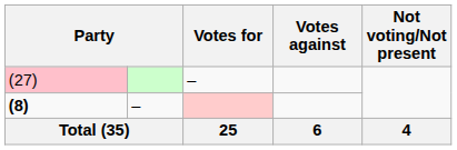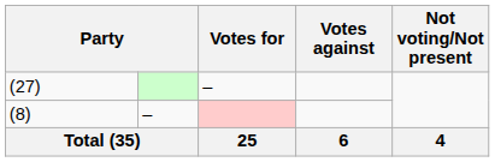 <table class="wikitable" style="width:50%;">
 <tr>
 <th colspan="2">Party</th>
 <th style="width:20%;">Votes for</th>
 <th style="width:20%;">Votes against</th>
 <th style="width:20%;">Not voting/Not present</th>
 </tr>
 <tr>
-<td style="background: pink;"> (27)</td>
+<td> (27)</td>
 <td style="background-color:#cfc;"></td>
 <td>–</td>
 <td></td>
 </tr>
 <tr>
-<td><strong> (8)</strong></td>
+<td> (8)</td>
 <td>–</td>
 <td style="background-color:#fcc;"></td>
 <td></td>
 </tr>
 <tr>
 <th colspan="2">Total (35)</th>
 <th>25</th>
 <th>6</th>
 <th>4</th>
 </tr>
 </table>
